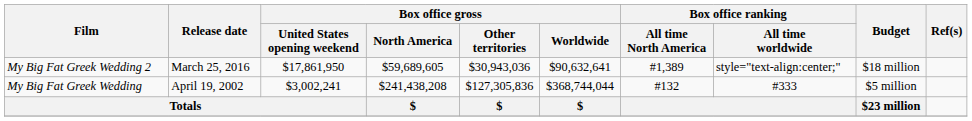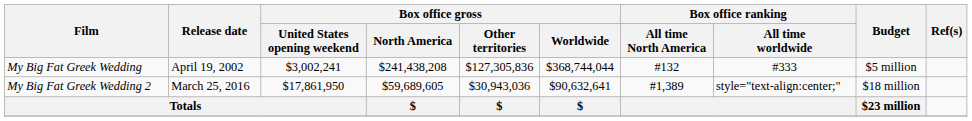 <table class="wikitable" style="width:99%;">
 <tr>
 <th rowspan="2">Film</th>
 <th rowspan="2">Release date</th>
 <th colspan="4">Box office gross</th>
 <th colspan="2" text="wrap">Box office ranking</th>
 <th rowspan="2">Budget</th>
 <th rowspan="2">Ref(s)</th>
 </tr>
 <tr>
 <th>United States <br>opening weekend</th>
 <th>North America</th>
 <th>Other <br>territories</th>
 <th>Worldwide</th>
 <th>All time <br>North America</th>
 <th>All time <br>worldwide</th>
 </tr>
 <tr>
+<td><em>My Big Fat Greek Wedding</em></td>
+<td>April 19, 2002</td>
+<td style="text-align:center;">$3,002,241</td>
+<td style="text-align:center;">$241,438,208</td>
+<td style="text-align:center;">$127,305,836</td>
+<td style="text-align:center;">$368,744,044</td>
+<td style="text-align:center;">#132</td>
+<td style="text-align:center;">#333</td>
+<td style="text-align:center;">$5 million</td>
+<td></td>
+</tr>
+<tr>
 <td><em>My Big Fat Greek Wedding 2</em></td>
 <td>March 25, 2016</td>
 <td style="text-align:center;">$17,861,950</td>
 <td style="text-align:center;">$59,689,605</td>
 <td style="text-align:center;">$30,943,036</td>
 <td style="text-align:center;">$90,632,641</td>
 <td style="text-align:center;">#1,389</td>
 <td>style="text-align:center;" </td>
 <td style="text-align:center;">$18 million</td>
-<td></td>
-</tr>
-<tr>
-<td><em>My Big Fat Greek Wedding</em></td>
-<td>April 19, 2002</td>
-<td style="text-align:center;">$3,002,241</td>
-<td style="text-align:center;">$241,438,208</td>
-<td style="text-align:center;">$127,305,836</td>
-<td style="text-align:center;">$368,744,044</td>
-<td style="text-align:center;">#132</td>
-<td style="text-align:center;">#333</td>
-<td style="text-align:center;">$5 million</td>
 <td></td>
 </tr>
 <tr>
 <th colspan="3">Totals</th>
 <th>$</th>
 <th>$</th>
 <th>$</th>
 <th colspan="2"></th>
 <th>$23 million</th>
 <td></td>
 </tr>
 <tr>
 </tr>
 </table>
